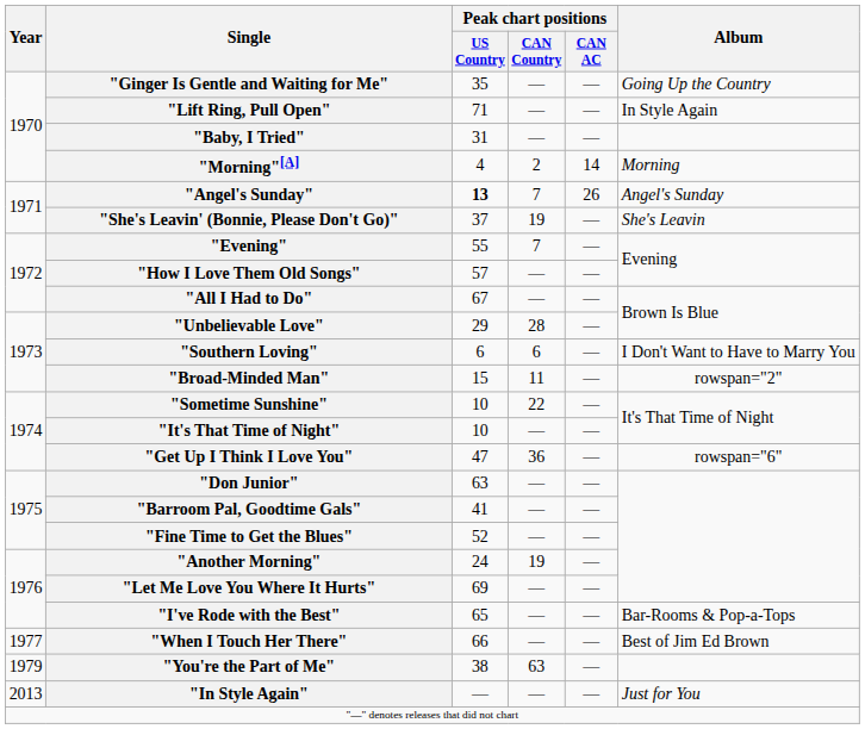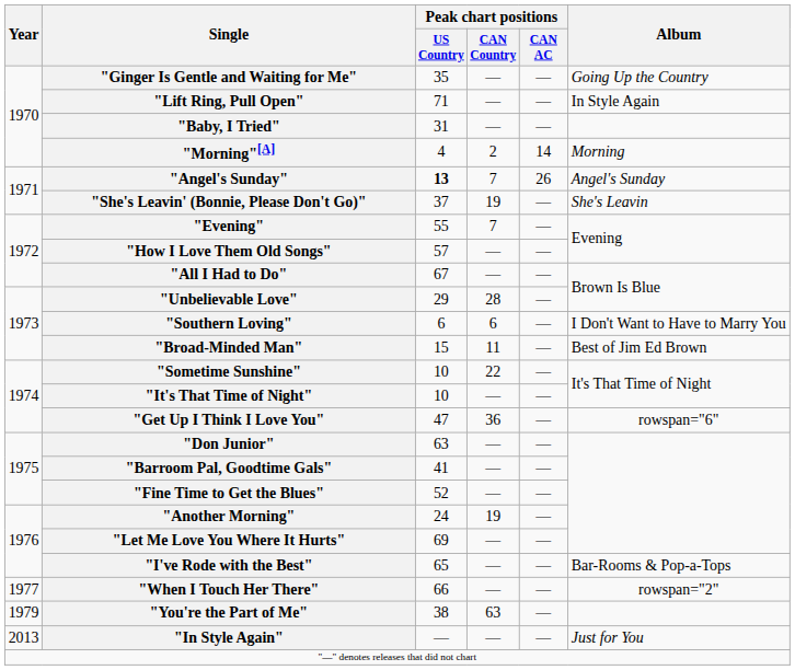 <table class="wikitable plainrowheaders" style="text-align:center;">
 <tr>
 <th rowspan="2">Year</th>
 <th rowspan="2" style="width:24em;">Single</th>
 <th colspan="3">Peak chart positions</th>
 <th rowspan="2">Album</th>
 </tr>
 <tr style="font-size:smaller;">
 <th width="45"><a href='#'>US Country</a><br></th>
 <th width="45"><a href='#'>CAN Country</a></th>
 <th width="45"><a href='#'>CAN AC</a></th>
 </tr>
 <tr>
 <td rowspan="4">1970</td>
 <th scope="row">"Ginger Is Gentle and Waiting for Me"</th>
 <td>35</td>
 <td>—</td>
 <td>—</td>
 <td align="left"><em>Going Up the Country</em></td>
 </tr>
 <tr>
 <th scope="row">"Lift Ring, Pull Open"</th>
 <td>71</td>
 <td>—</td>
 <td>—</td>
 <td align="left"></em>In Style Again<em></td>
 </tr>
 <tr>
 <th scope="row">"Baby, I Tried"</th>
 <td>31</td>
 <td>—</td>
 <td>—</td>
 <td></td>
 </tr>
 <tr>
 <th scope="row">"Morning"<sup><a href='#'><strong>[A]</strong></a></sup></th>
 <td>4</td>
 <td>2</td>
 <td>14</td>
 <td align="left"><em>Morning</em></td>
 </tr>
 <tr>
 <td rowspan="2">1971</td>
 <th scope="row">"Angel's Sunday"</th>
 <td><strong>13</strong></td>
 <td>7</td>
 <td>26</td>
 <td align="left"><em>Angel's Sunday</em></td>
 </tr>
 <tr>
 <th scope="row">"She's Leavin' (Bonnie, Please Don't Go)"</th>
 <td>37</td>
 <td>19</td>
 <td>—</td>
 <td align="left"><em>She's Leavin<strong></td>
 </tr>
 <tr>
 <td rowspan="3">1972</td>
 <th scope="row">"Evening"</th>
 <td>55</td>
 <td>7</td>
 <td>—</td>
 <td align="left" rowspan="2"></em>Evening<em></td>
 </tr>
 <tr>
 <th scope="row">"How I Love Them Old Songs"</th>
 <td>57</td>
 <td>—</td>
 <td>—</td>
 </tr>
 <tr>
 <th scope="row">"All I Had to Do"</th>
 <td>67</td>
 <td>—</td>
 <td>—</td>
 <td align="left" rowspan="2"></em>Brown Is Blue<em></td>
 </tr>
 <tr>
 <td rowspan="3">1973</td>
 <th scope="row">"Unbelievable Love"</th>
 <td>29</td>
 <td>28</td>
 <td>—</td>
 </tr>
 <tr>
 <th scope="row">"Southern Loving"</th>
 <td>6</td>
 <td>6</td>
 <td>—</td>
 <td align="left"></em>I Don't Want to Have to Marry You<em></td>
 </tr>
 <tr>
 <th scope="row">"Broad-Minded Man"</th>
 <td>15</td>
 <td>11</td>
 <td>—</td>
-<td>rowspan="2" </td>
+<td align="left"></em>Best of Jim Ed Brown<em></td>
 </tr>
 <tr>
 <td rowspan="3">1974</td>
 <th scope="row">"Sometime Sunshine"</th>
 <td>10</td>
 <td>22</td>
 <td>—</td>
 <td align="left" rowspan="2"></em>It's That Time of Night<em></td>
 </tr>
 <tr>
 <th scope="row">"It's That Time of Night"</th>
 <td>10</td>
 <td>—</td>
 <td>—</td>
 </tr>
 <tr>
 <th scope="row">"Get Up I Think I Love You"</th>
 <td>47</td>
 <td>36</td>
 <td>—</td>
 <td>rowspan="6" </td>
 </tr>
 <tr>
 <td rowspan="3">1975</td>
 <th scope="row">"Don Junior"</th>
 <td>63</td>
 <td>—</td>
 <td>—</td>
 </tr>
 <tr>
 <th scope="row">"Barroom Pal, Goodtime Gals"</th>
 <td>41</td>
 <td>—</td>
 <td>—</td>
 </tr>
 <tr>
 <th scope="row">"Fine Time to Get the Blues"</th>
 <td>52</td>
 <td>—</td>
 <td>—</td>
 </tr>
 <tr>
 <td rowspan="3">1976</td>
 <th scope="row">"Another Morning"</th>
 <td>24</td>
 <td>19</td>
 <td>—</td>
 </tr>
 <tr>
 <th scope="row">"Let Me Love You Where It Hurts"</th>
 <td>69</td>
 <td>—</td>
 <td>—</td>
 </tr>
 <tr>
 <th scope="row">"I've Rode with the Best"</th>
 <td>65</td>
 <td>—</td>
 <td>—</td>
 <td align="left"></em>Bar-Rooms & Pop-a-Tops<em></td>
 </tr>
 <tr>
 <td>1977</td>
 <th scope="row">"When I Touch Her There"</th>
 <td>66</td>
 <td>—</td>
 <td>—</td>
-<td align="left"></em>Best of Jim Ed Brown<em></td>
+<td>rowspan="2" </td>
 </tr>
 <tr>
 <td>1979</td>
 <th scope="row">"You're the Part of Me"</th>
 <td>38</td>
 <td>63</td>
 <td>—</td>
 </tr>
 <tr>
 <td>2013</td>
 <th scope="row">"In Style Again"</th>
 <td>—</td>
 <td>—</td>
 <td>—</td>
 <td align="left"><em>Just for You</em></td>
 </tr>
 <tr>
 <td colspan="6" style="font-size: 8pt">"—" denotes releases that did not chart</td>
 </tr>
 </table>
